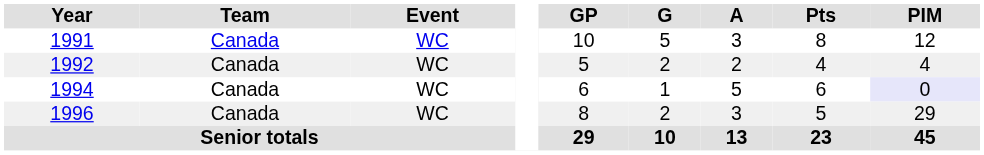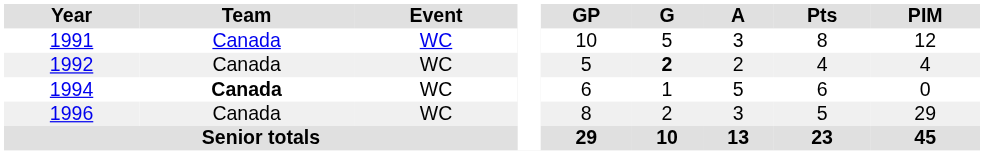 <table border="0" cellpadding="1" cellspacing="0" style="text-align:center; width:50em">
 <tr ALIGN="center" bgcolor="#e0e0e0">
 <th>Year</th>
 <th>Team</th>
 <th>Event</th>
 <th rowspan="99" bgcolor="#ffffff"> </th>
 <th>GP</th>
 <th>G</th>
 <th>A</th>
 <th>Pts</th>
 <th>PIM</th>
 </tr>
 <tr>
 <td><a href='#'>1991</a></td>
 <td><a href='#'>Canada</a></td>
 <td><a href='#'>WC</a></td>
 <td>10</td>
 <td>5</td>
 <td>3</td>
 <td>8</td>
 <td>12</td>
 </tr>
 <tr bgcolor="#f0f0f0">
 <td><a href='#'>1992</a></td>
 <td>Canada</td>
 <td>WC</td>
 <td>5</td>
-<td>2</td>
+<td><strong>2</strong></td>
 <td>2</td>
 <td>4</td>
 <td>4</td>
 </tr>
 <tr>
 <td><a href='#'>1994</a></td>
-<td>Canada</td>
+<td><strong>Canada</strong></td>
 <td>WC</td>
 <td>6</td>
 <td>1</td>
 <td>5</td>
 <td>6</td>
-<td style="background: lavender;">0</td>
+<td>0</td>
 </tr>
 <tr bgcolor="#f0f0f0">
 <td><a href='#'>1996</a></td>
 <td>Canada</td>
 <td>WC</td>
 <td>8</td>
 <td>2</td>
 <td>3</td>
 <td>5</td>
 <td>29</td>
 </tr>
 <tr bgcolor="#e0e0e0">
 <th colspan=3>Senior totals</th>
 <th>29</th>
 <th>10</th>
 <th>13</th>
 <th>23</th>
 <th>45</th>
 </tr>
 </table>
